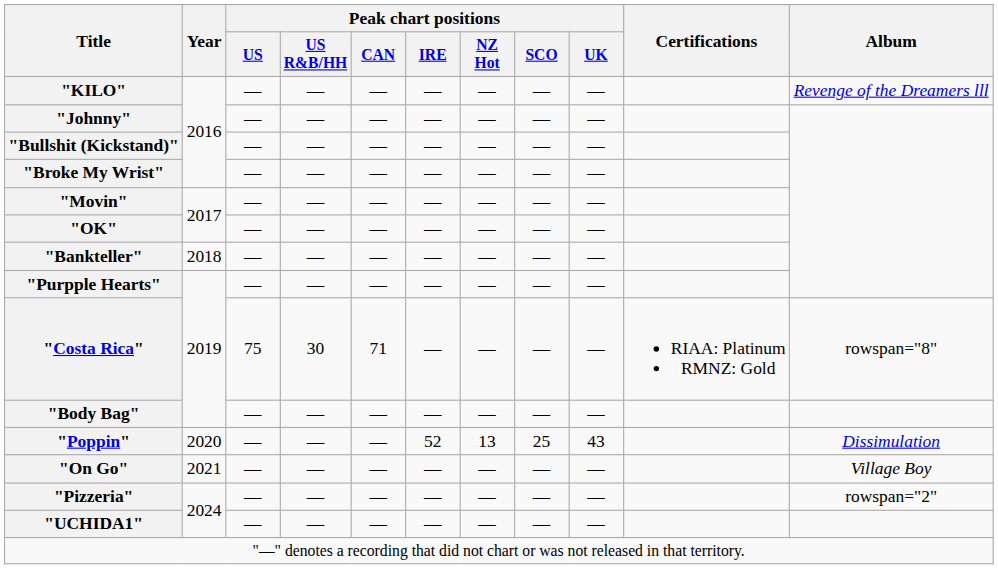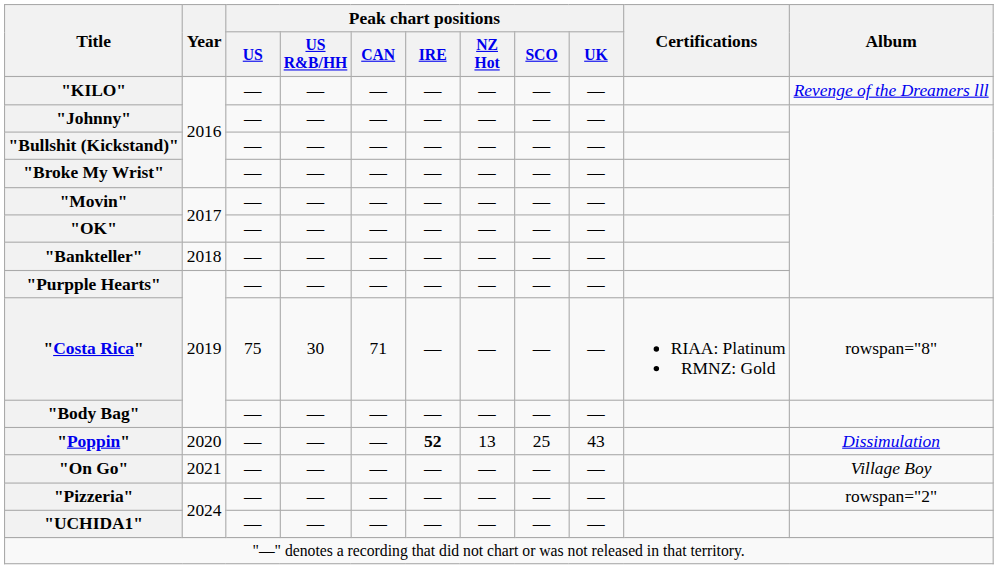 <table class="wikitable plainrowheaders" style="text-align:center">
 <tr>
 <th rowspan="2">Title</th>
 <th rowspan="2">Year</th>
 <th colspan="7">Peak chart positions</th>
 <th rowspan="2">Certifications</th>
 <th rowspan="2">Album</th>
 </tr>
 <tr>
 <th scope="col" style="width:3em;font-size:90%;"><a href='#'>US</a><br></th>
 <th scope="col" style="width:3em;font-size:90%;"><a href='#'>US</a><br><a href='#'>R&B/HH</a><br></th>
 <th scope="col" style="width:3em;font-size:90%;"><a href='#'>CAN</a><br></th>
 <th scope="col" style="width:3em;font-size:90%;"><a href='#'>IRE</a><br></th>
 <th scope="col" style="width:3em;font-size:90%;"><a href='#'>NZ</a><br><a href='#'>Hot</a><br></th>
 <th scope="col" style="width:3em;font-size:90%;"><a href='#'>SCO</a><br></th>
 <th scope="col" style="width:3em;font-size:90%;"><a href='#'>UK</a><br></th>
 </tr>
 <tr>
 <th scope="row">"KILO"<br></th>
 <td rowspan="4">2016</td>
 <td>—</td>
 <td>—</td>
 <td>—</td>
 <td>—</td>
 <td>—</td>
 <td>—</td>
 <td>—</td>
 <td></td>
 <td><em><a href='#'>Revenge of the Dreamers lll</a></em></td>
 </tr>
 <tr>
 <th scope="row">"Johnny"<br></th>
 <td>—</td>
 <td>—</td>
 <td>—</td>
 <td>—</td>
 <td>—</td>
 <td>—</td>
 <td>—</td>
 <td></td>
 </tr>
 <tr>
 <th scope="row">"Bullshit (Kickstand)"<br></th>
 <td>—</td>
 <td>—</td>
 <td>—</td>
 <td>—</td>
 <td>—</td>
 <td>—</td>
 <td>—</td>
 <td></td>
 </tr>
 <tr>
 <th scope="row">"Broke My Wrist"<br></th>
 <td>—</td>
 <td>—</td>
 <td>—</td>
 <td>—</td>
 <td>—</td>
 <td>—</td>
 <td>—</td>
 <td></td>
 </tr>
 <tr>
 <th scope="row">"Movin"<br></th>
 <td rowspan="2">2017</td>
 <td>—</td>
 <td>—</td>
 <td>—</td>
 <td>—</td>
 <td>—</td>
 <td>—</td>
 <td>—</td>
 <td></td>
 </tr>
 <tr>
 <th scope="row">"OK"<br></th>
 <td>—</td>
 <td>—</td>
 <td>—</td>
 <td>—</td>
 <td>—</td>
 <td>—</td>
 <td>—</td>
 <td></td>
 </tr>
 <tr>
 <th scope="row">"Bankteller"<br></th>
 <td rowspan="1">2018</td>
 <td>—</td>
 <td>—</td>
 <td>—</td>
 <td>—</td>
 <td>—</td>
 <td>—</td>
 <td>—</td>
 <td></td>
 </tr>
 <tr>
 <th scope="row">"Purpple Hearts"<br></th>
 <td rowspan="3">2019</td>
 <td>—</td>
 <td>—</td>
 <td>—</td>
 <td>—</td>
 <td>—</td>
 <td>—</td>
 <td>—</td>
 <td></td>
 </tr>
 <tr>
 <th scope="row">"<a href='#'>Costa Rica</a>"<br></th>
 <td>75</td>
 <td>30</td>
 <td>71</td>
 <td>—</td>
 <td>—</td>
 <td>—</td>
 <td>—</td>
 <td><br><ul><li>RIAA: Platinum</li><li>RMNZ: Gold</li></ul></td>
 <td>rowspan="8" </td>
 </tr>
 <tr>
 <th scope="row">"Body Bag" <br></th>
 <td>—</td>
 <td>—</td>
 <td>—</td>
 <td>—</td>
 <td>—</td>
 <td>—</td>
 <td>—</td>
 <td></td>
 <td></td>
 </tr>
 <tr>
 <th scope="row">"<a href='#'>Poppin</a>"<br></th>
 <td>2020</td>
 <td>—</td>
 <td>—</td>
 <td>—</td>
-<td>52</td>
+<td><strong>52</strong></td>
 <td>13</td>
 <td>25</td>
 <td>43</td>
 <td></td>
 <td><a href='#'><em>Dissimulation</em></a></td>
 </tr>
 <tr>
 <th scope="row">"On Go" <br></th>
 <td>2021</td>
 <td>—</td>
 <td>—</td>
 <td>—</td>
 <td>—</td>
 <td>—</td>
 <td>—</td>
 <td>—</td>
 <td></td>
 <td><em>Village Boy</em></td>
 </tr>
 <tr>
 <th scope="row">"Pizzeria"<br></th>
 <td rowspan="2">2024</td>
 <td>—</td>
 <td>—</td>
 <td>—</td>
 <td>—</td>
 <td>—</td>
 <td>—</td>
 <td>—</td>
 <td></td>
 <td>rowspan="2" </td>
 </tr>
 <tr>
 <th scope="row">"UCHIDA1"<br></th>
 <td>—</td>
 <td>—</td>
 <td>—</td>
 <td>—</td>
 <td>—</td>
 <td>—</td>
 <td>—</td>
 <td></td>
 </tr>
 <tr>
 <td colspan="14" style="font-size:90%">"—" denotes a recording that did not chart or was not released in that territory.</td>
 </tr>
 </table>
